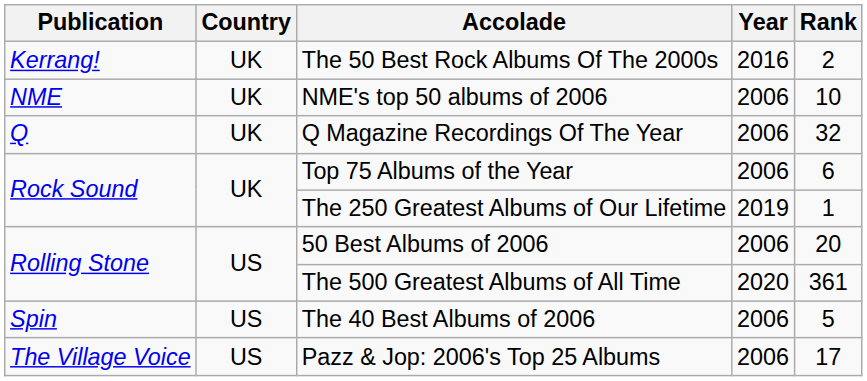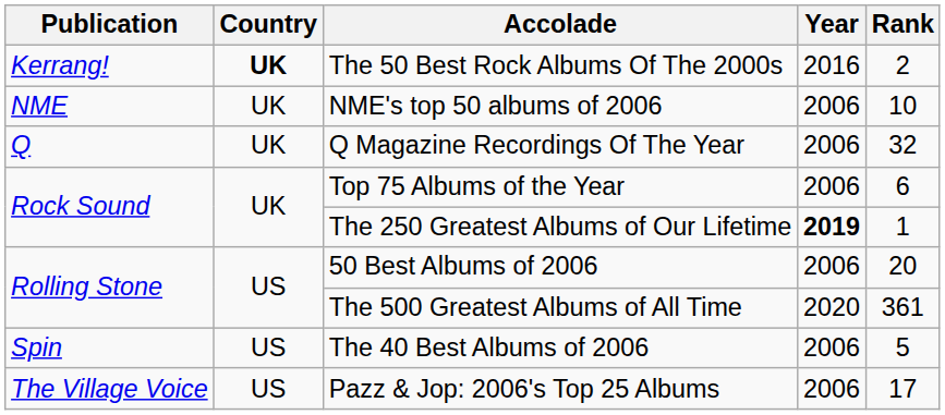 <table class="wikitable sortable">
 <tr>
 <th>Publication</th>
 <th>Country</th>
 <th>Accolade</th>
 <th>Year</th>
 <th>Rank</th>
 </tr>
 <tr>
 <td><em><a href='#'>Kerrang!</a></em></td>
-<td style="text-align:center;">UK</td>
+<td style="text-align:center;"><strong>UK</strong></td>
 <td>The 50 Best Rock Albums Of The 2000s</td>
 <td>2016</td>
 <td style="text-align:center;">2</td>
 </tr>
 <tr>
 <td><em><a href='#'>NME</a></em></td>
 <td style="text-align:center;">UK</td>
 <td>NME's top 50 albums of 2006</td>
 <td>2006</td>
 <td style="text-align:center;">10</td>
 </tr>
 <tr>
 <td><em><a href='#'>Q</a></em></td>
 <td style="text-align:center;">UK</td>
 <td>Q Magazine Recordings Of The Year</td>
 <td>2006</td>
 <td style="text-align:center;">32</td>
 </tr>
 <tr>
 <td rowspan="2"><em><a href='#'>Rock Sound</a></em></td>
 <td rowspan="2" style="text-align:center;">UK</td>
 <td>Top 75 Albums of the Year</td>
 <td>2006</td>
 <td style="text-align:center;">6</td>
 </tr>
 <tr>
 <td>The 250 Greatest Albums of Our Lifetime</td>
-<td>2019</td>
+<td><strong>2019</strong></td>
 <td style="text-align:center;">1</td>
 </tr>
 <tr>
 <td rowspan="2"><em><a href='#'>Rolling Stone</a></em></td>
 <td rowspan="2" style="text-align:center;">US</td>
 <td>50 Best Albums of 2006</td>
 <td>2006</td>
 <td style="text-align:center;">20</td>
 </tr>
 <tr>
 <td>The 500 Greatest Albums of All Time</td>
 <td>2020</td>
 <td style="text-align:center;">361</td>
 </tr>
 <tr>
 <td><em><a href='#'>Spin</a></em></td>
 <td style="text-align:center;">US</td>
 <td>The 40 Best Albums of 2006</td>
 <td>2006</td>
 <td style="text-align:center;">5</td>
 </tr>
 <tr>
 <td><em><a href='#'>The Village Voice</a></em></td>
 <td style="text-align:center;">US</td>
 <td>Pazz & Jop: 2006's Top 25 Albums</td>
 <td>2006</td>
 <td style="text-align:center;">17</td>
 </tr>
 </table>
